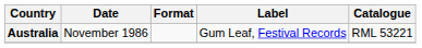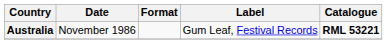 <table class="wikitable plainrowheaders">
 <tr>
 <th scope="col">Country</th>
 <th scope="col">Date</th>
 <th scope="col">Format</th>
 <th scope="col">Label</th>
 <th scope="col">Catalogue</th>
 </tr>
 <tr>
 <th scope="row">Australia</th>
 <td>November 1986</td>
 <td></td>
 <td>Gum Leaf, <a href='#'>Festival Records</a></td>
-<td>RML 53221</td>
+<td><strong>RML 53221</strong></td>
 </tr>
 <tr>
 </tr>
 </table>
